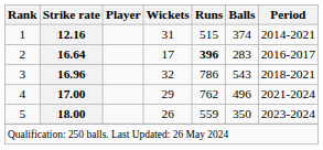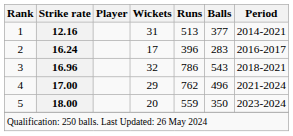 <table class="wikitable">
 <tr>
 <th style="text-align:center;">Rank</th>
 <th style="text-align:center;">Strike rate</th>
 <th style="text-align:center;">Player</th>
 <th style="text-align:center;">Wickets</th>
 <th style="text-align:center;">Runs</th>
 <th style="text-align:center;">Balls</th>
 <th style="text-align:center;">Period</th>
 </tr>
 <tr>
 <td align=center>1</td>
 <th scope=row style=text-align:center;>12.16</th>
 <td></td>
 <td align=center>31</td>
-<td align=center>515</td>
-<td align=center>374</td>
+<td align=center>513</td>
+<td align=center>377</td>
 <td>2014-2021</td>
 </tr>
 <tr>
 <td align=center>2</td>
-<th scope=row style=text-align:center;>16.64</th>
+<th scope=row style=text-align:center;>16.24</th>
 <td></td>
 <td align=center>17</td>
-<td align=center><strong>396</strong></td>
+<td align=center>396</td>
 <td align=center>283</td>
 <td>2016-2017</td>
 </tr>
 <tr>
 <td align=center>3</td>
 <th scope=row style=text-align:center;>16.96</th>
 <td></td>
 <td align=center>32</td>
 <td align=center>786</td>
 <td align=center>543</td>
 <td>2018-2021</td>
 </tr>
 <tr>
 <td align=center>4</td>
 <th scope=row style=text-align:center;>17.00</th>
 <td></td>
 <td align=center>29</td>
 <td align=center>762</td>
 <td align=center>496</td>
 <td>2021-2024</td>
 </tr>
 <tr>
 <td align=center>5</td>
 <th scope=row style=text-align:center;>18.00</th>
 <td></td>
-<td align=center>26</td>
+<td align=center>20</td>
 <td align=center>559</td>
 <td align=center>350</td>
 <td>2023-2024</td>
 </tr>
 <tr>
 </tr>
 <tr class=sortbottom>
 <td colspan=7><small>Qualification: 250 balls. Last Updated: 26 May 2024</small></td>
 </tr>
 </table>
